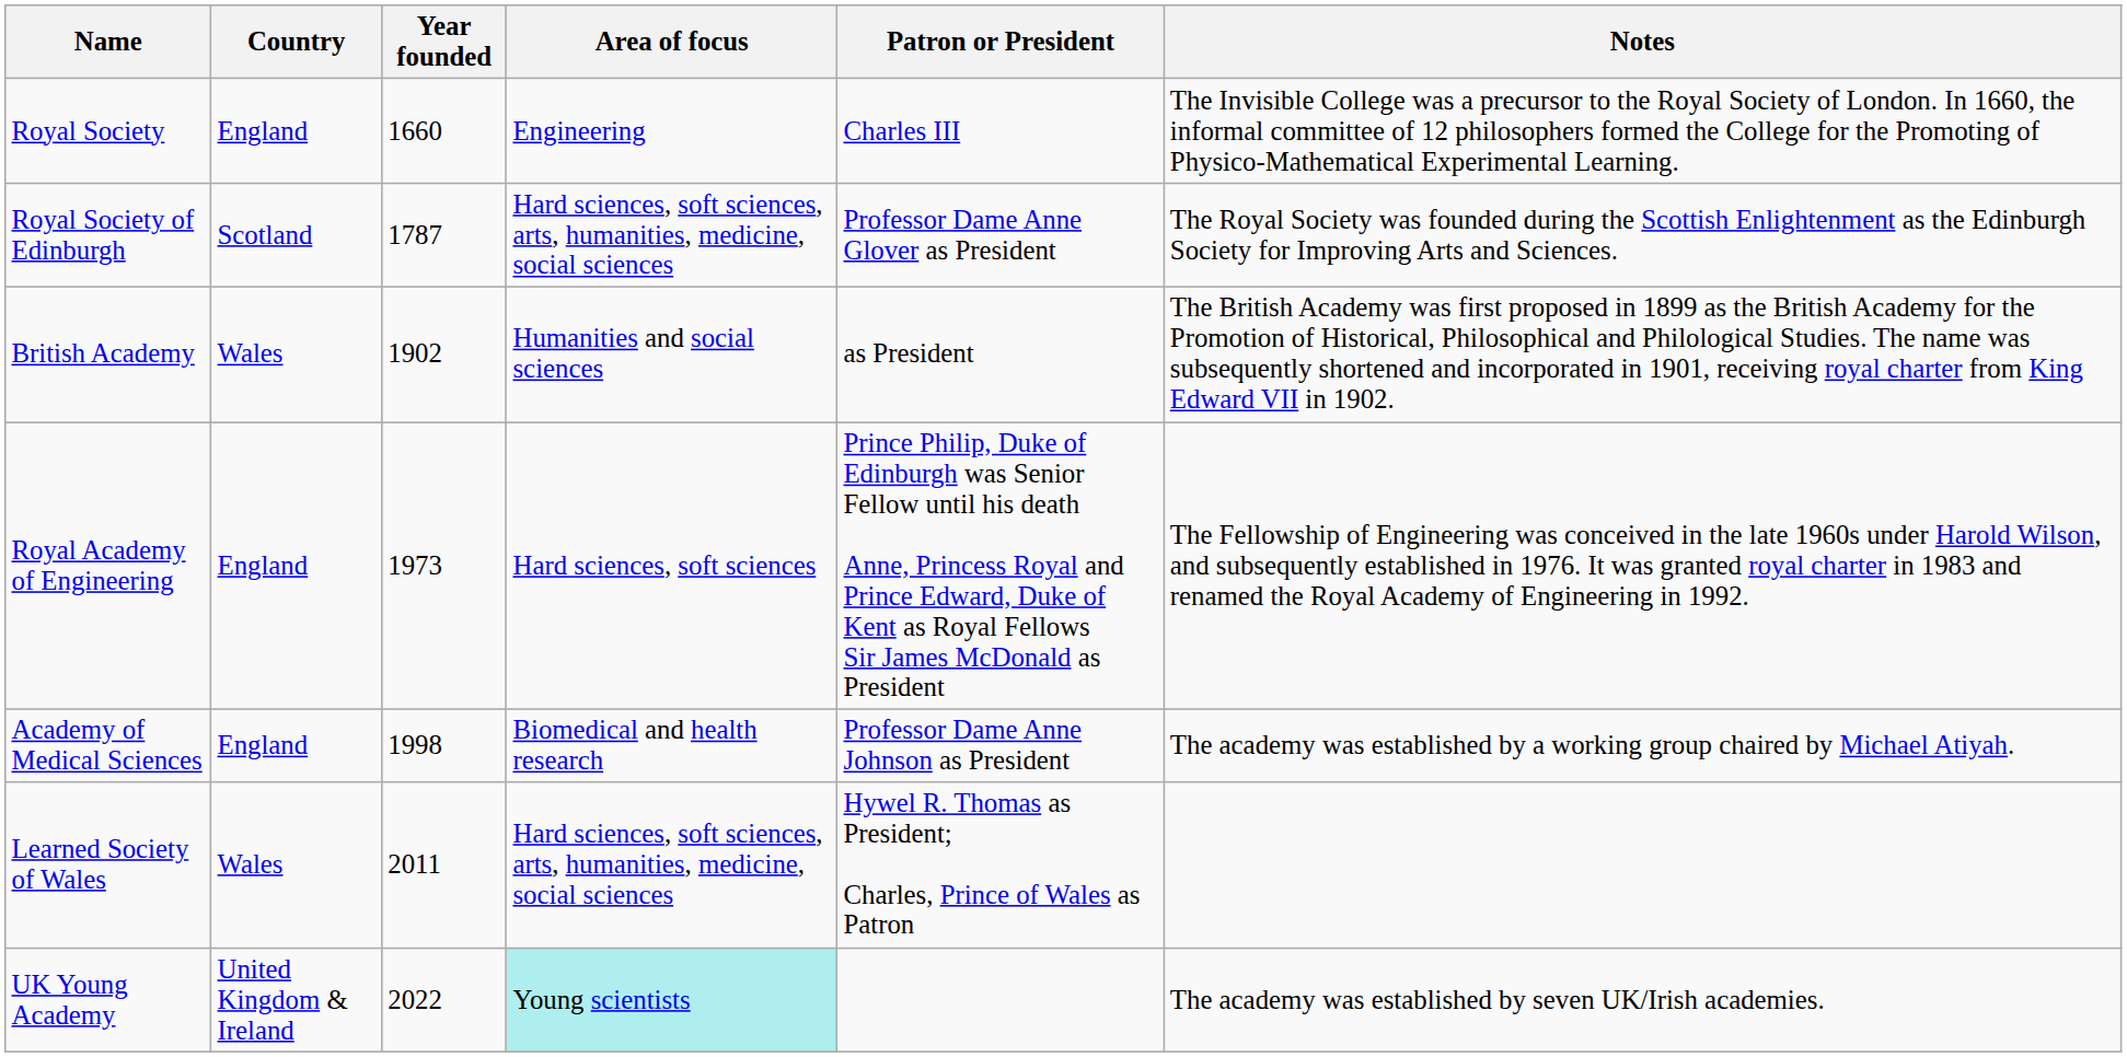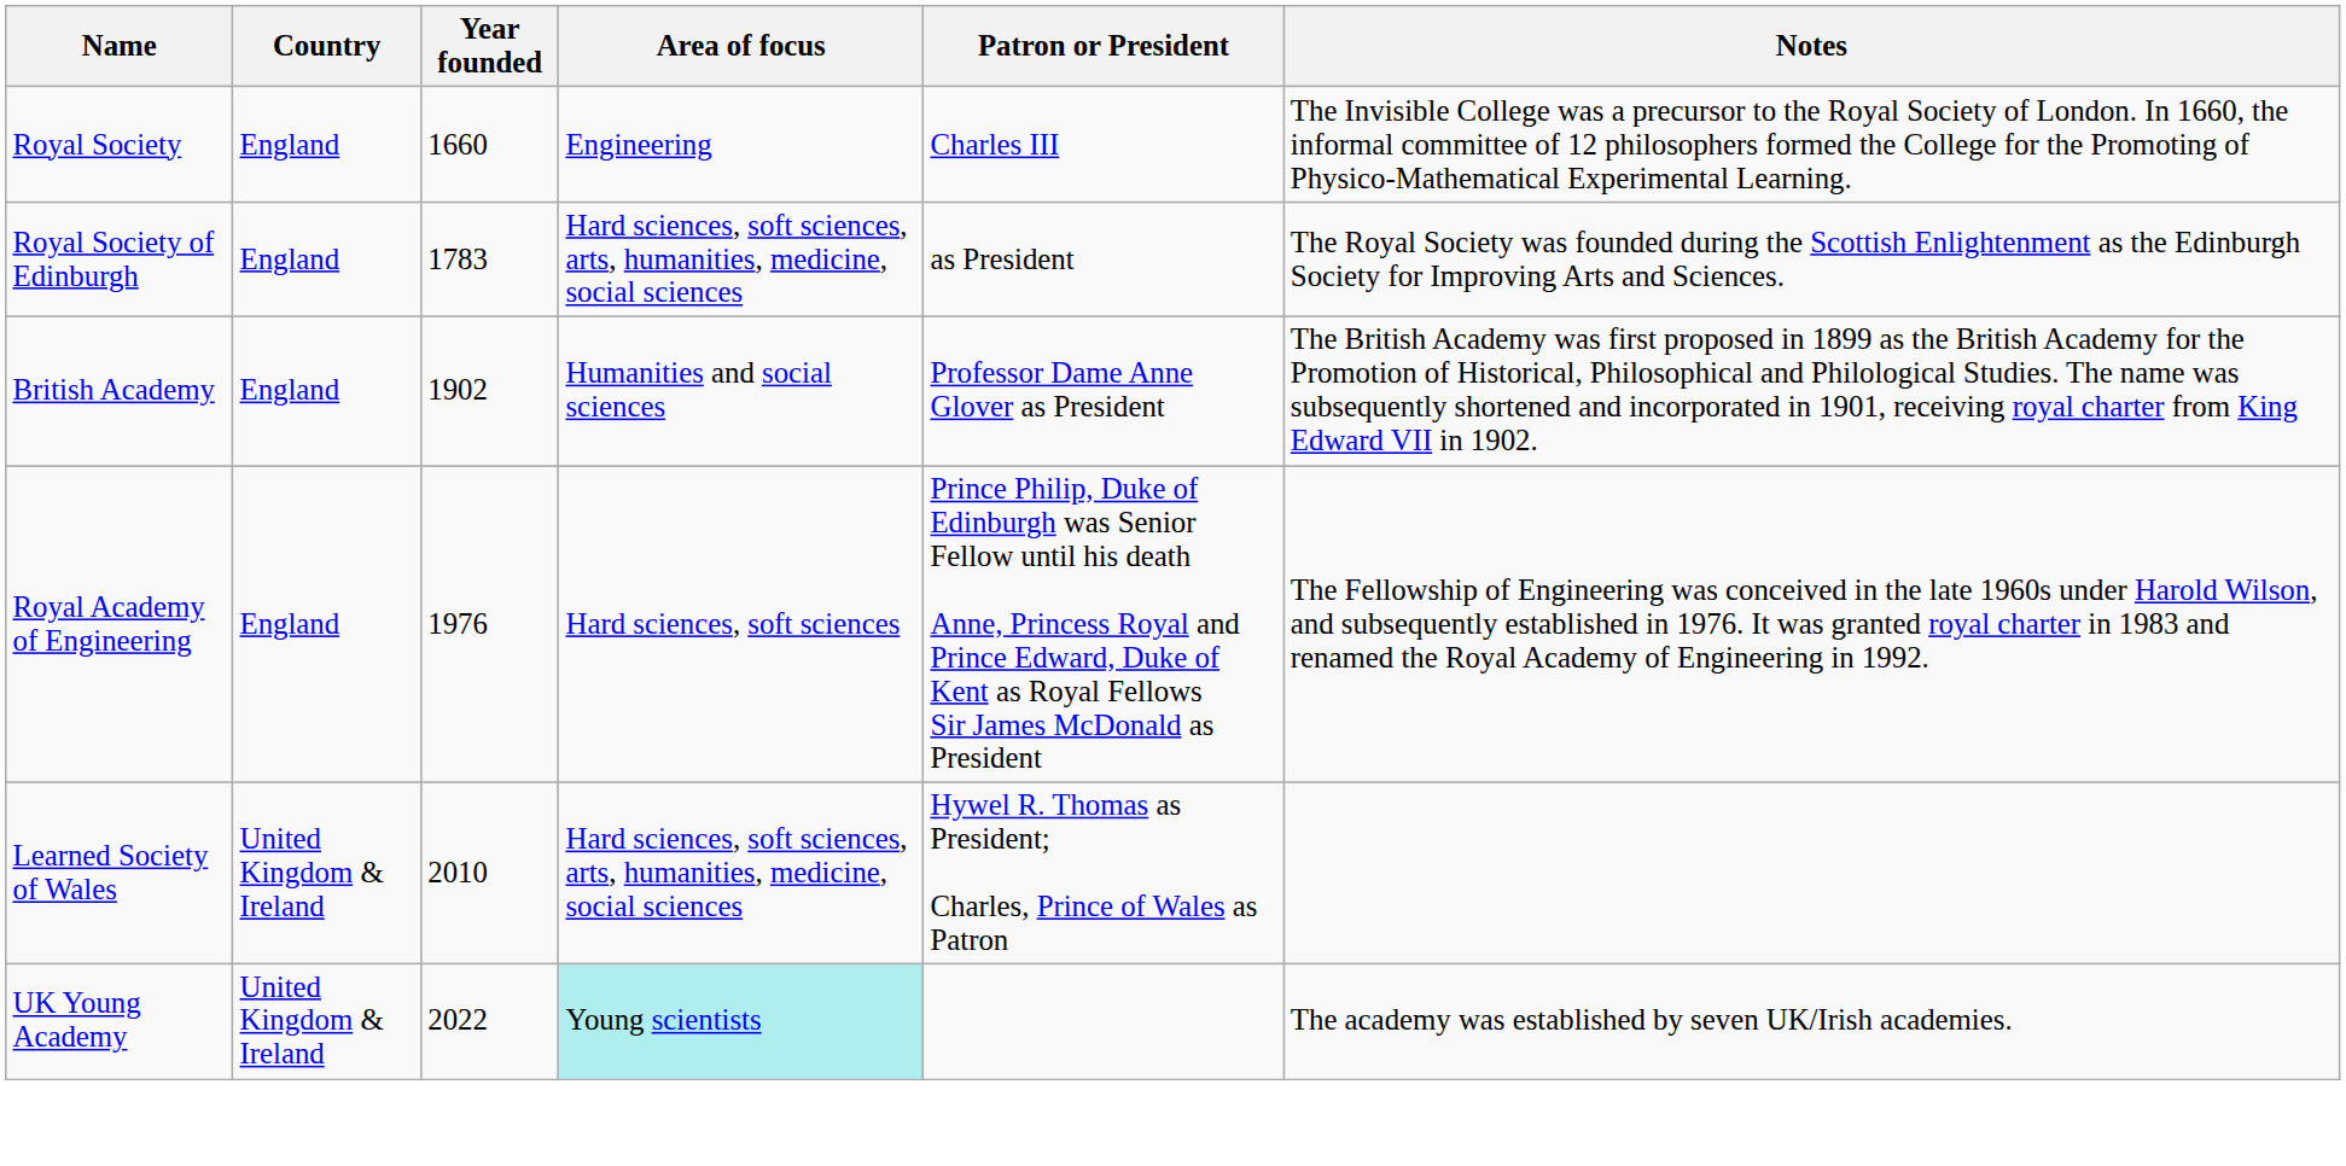 <table class="wikitable">
 <tr>
 <th>Name</th>
 <th>Country</th>
 <th>Year founded</th>
 <th>Area of focus</th>
 <th>Patron or President</th>
 <th>Notes</th>
 </tr>
 <tr>
 <td><a href='#'>Royal Society</a></td>
 <td><a href='#'>England</a></td>
 <td>1660</td>
 <td><a href='#'>Engineering</a></td>
 <td><a href='#'>Charles III</a></td>
 <td>The Invisible College was a precursor to the Royal Society of London. In 1660, the informal committee of 12 philosophers formed the College for the Promoting of Physico-Mathematical Experimental Learning.</td>
 </tr>
 <tr>
 <td><a href='#'>Royal Society of Edinburgh</a></td>
-<td><a href='#'>Scotland</a></td>
-<td>1787</td>
+<td><a href='#'>England</a></td>
+<td>1783</td>
 <td><a href='#'>Hard sciences</a>, <a href='#'>soft sciences</a>, <a href='#'>arts</a>, <a href='#'>humanities</a>, <a href='#'>medicine</a>, <a href='#'>social sciences</a></td>
-<td><a href='#'>Professor Dame Anne Glover</a> as President</td>
+<td> as President</td>
 <td>The Royal Society was founded during the <a href='#'>Scottish Enlightenment</a> as the Edinburgh Society for Improving Arts and Sciences.</td>
 </tr>
 <tr>
 <td><a href='#'>British Academy</a></td>
-<td><a href='#'>Wales</a></td>
+<td><a href='#'>England</a></td>
 <td>1902</td>
 <td><a href='#'>Humanities</a> and <a href='#'>social sciences</a></td>
-<td> as President</td>
+<td><a href='#'>Professor Dame Anne Glover</a> as President</td>
 <td>The British Academy was first proposed in 1899 as the British Academy for the Promotion of Historical, Philosophical and Philological Studies. The name was subsequently shortened and incorporated in 1901, receiving <a href='#'>royal charter</a> from <a href='#'>King Edward VII</a> in 1902.</td>
 </tr>
 <tr>
 <td><a href='#'>Royal Academy of Engineering</a></td>
 <td><a href='#'>England</a></td>
-<td>1973</td>
+<td>1976</td>
 <td><a href='#'>Hard sciences</a>, <a href='#'>soft sciences</a></td>
 <td><a href='#'>Prince Philip, Duke of Edinburgh</a> was Senior Fellow until his death<br><br><a href='#'>Anne, Princess Royal</a> and <a href='#'>Prince Edward, Duke of Kent</a> as Royal Fellows<br> <a href='#'>Sir James McDonald</a> as President</td>
 <td>The Fellowship of Engineering was conceived in the late 1960s under <a href='#'>Harold Wilson</a>, and subsequently established in 1976. It was granted <a href='#'>royal charter</a> in 1983 and renamed the Royal Academy of Engineering in 1992.</td>
 </tr>
 <tr>
-<td><a href='#'>Academy of Medical Sciences</a></td>
-<td><a href='#'>England</a></td>
-<td>1998</td>
-<td><a href='#'>Biomedical</a> and <a href='#'>health research</a></td>
-<td><a href='#'>Professor Dame Anne Johnson</a> as President</td>
-<td>The academy was established by a working group chaired by <a href='#'>Michael Atiyah</a>.</td>
-</tr>
-<tr>
 <td><a href='#'>Learned Society of Wales</a></td>
-<td><a href='#'>Wales</a></td>
-<td>2011</td>
+<td><a href='#'>United Kingdom</a> & <a href='#'>Ireland</a></td>
+<td>2010</td>
 <td><a href='#'>Hard sciences</a>, <a href='#'>soft sciences</a>, <a href='#'>arts</a>, <a href='#'>humanities</a>, <a href='#'>medicine</a>, <a href='#'>social sciences</a></td>
 <td><a href='#'>Hywel R. Thomas</a> as President;<br><br>Charles, <a href='#'>Prince of Wales</a> as Patron</td>
 <td></td>
 </tr>
 <tr>
 <td><a href='#'>UK Young Academy</a></td>
 <td><a href='#'>United Kingdom</a> & <a href='#'>Ireland</a></td>
 <td>2022</td>
 <td style="background: paleturquoise;">Young <a href='#'>scientists</a></td>
 <td></td>
 <td>The academy was established by seven UK/Irish academies.</td>
 </tr>
 </table>
